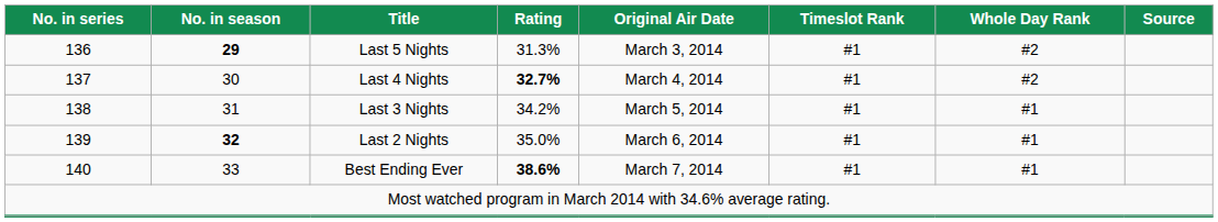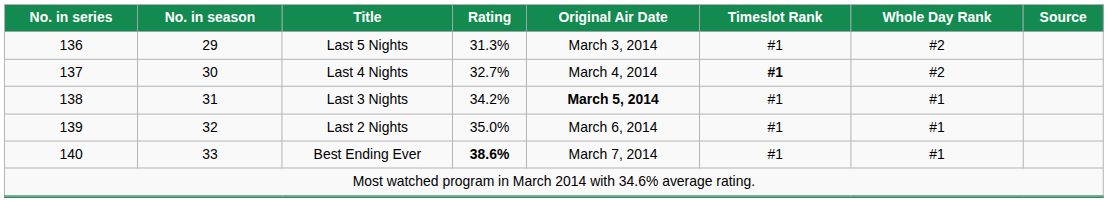 <table class="wikitable" style="text-align:center; background:#f9f9f9; line-height:16px; line-height:150%" width="100%">
 <tr style="color:white;">
 <th style="background:#128a50;">No. in series</th>
 <th style="background:#128a50;">No. in season</th>
 <th style="background:#128a50;">Title</th>
 <th style="background:#128a50;">Rating</th>
 <th style="background:#128a50;">Original Air Date</th>
 <th style="background:#128a50;">Timeslot Rank</th>
 <th style="background:#128a50;">Whole Day Rank</th>
 <th style="background:#128a50;">Source</th>
 </tr>
 <tr>
 <td>136</td>
-<td><strong>29</strong></td>
+<td>29</td>
 <td>Last 5 Nights</td>
 <td>31.3%</td>
 <td>March 3, 2014</td>
 <td>#1</td>
 <td>#2</td>
 <td></td>
 </tr>
 <tr>
 <td>137</td>
 <td>30</td>
 <td>Last 4 Nights</td>
-<td><strong>32.7%</strong></td>
+<td>32.7%</td>
 <td>March 4, 2014</td>
-<td>#1</td>
+<td><strong>#1</strong></td>
 <td>#2</td>
 <td></td>
 </tr>
 <tr>
 <td>138</td>
 <td>31</td>
 <td>Last 3 Nights</td>
 <td>34.2%</td>
-<td>March 5, 2014</td>
+<td><strong>March 5, 2014</strong></td>
 <td>#1</td>
 <td>#1</td>
 <td></td>
 </tr>
 <tr>
 <td>139</td>
-<td><strong>32</strong></td>
+<td>32</td>
 <td>Last 2 Nights</td>
 <td>35.0%</td>
 <td>March 6, 2014</td>
 <td>#1</td>
 <td>#1</td>
 <td></td>
 </tr>
 <tr>
 <td>140</td>
 <td>33</td>
 <td>Best Ending Ever</td>
 <td><strong>38.6%</strong></td>
 <td>March 7, 2014</td>
 <td>#1</td>
 <td>#1</td>
 <td></td>
 </tr>
 <tr>
 <td colspan = "8" style="text-align: center; border-bottom: 3px solid #128a50;">Most watched program in March 2014 with 34.6% average rating.</td>
 </tr>
 <tr>
 </tr>
 </table>
